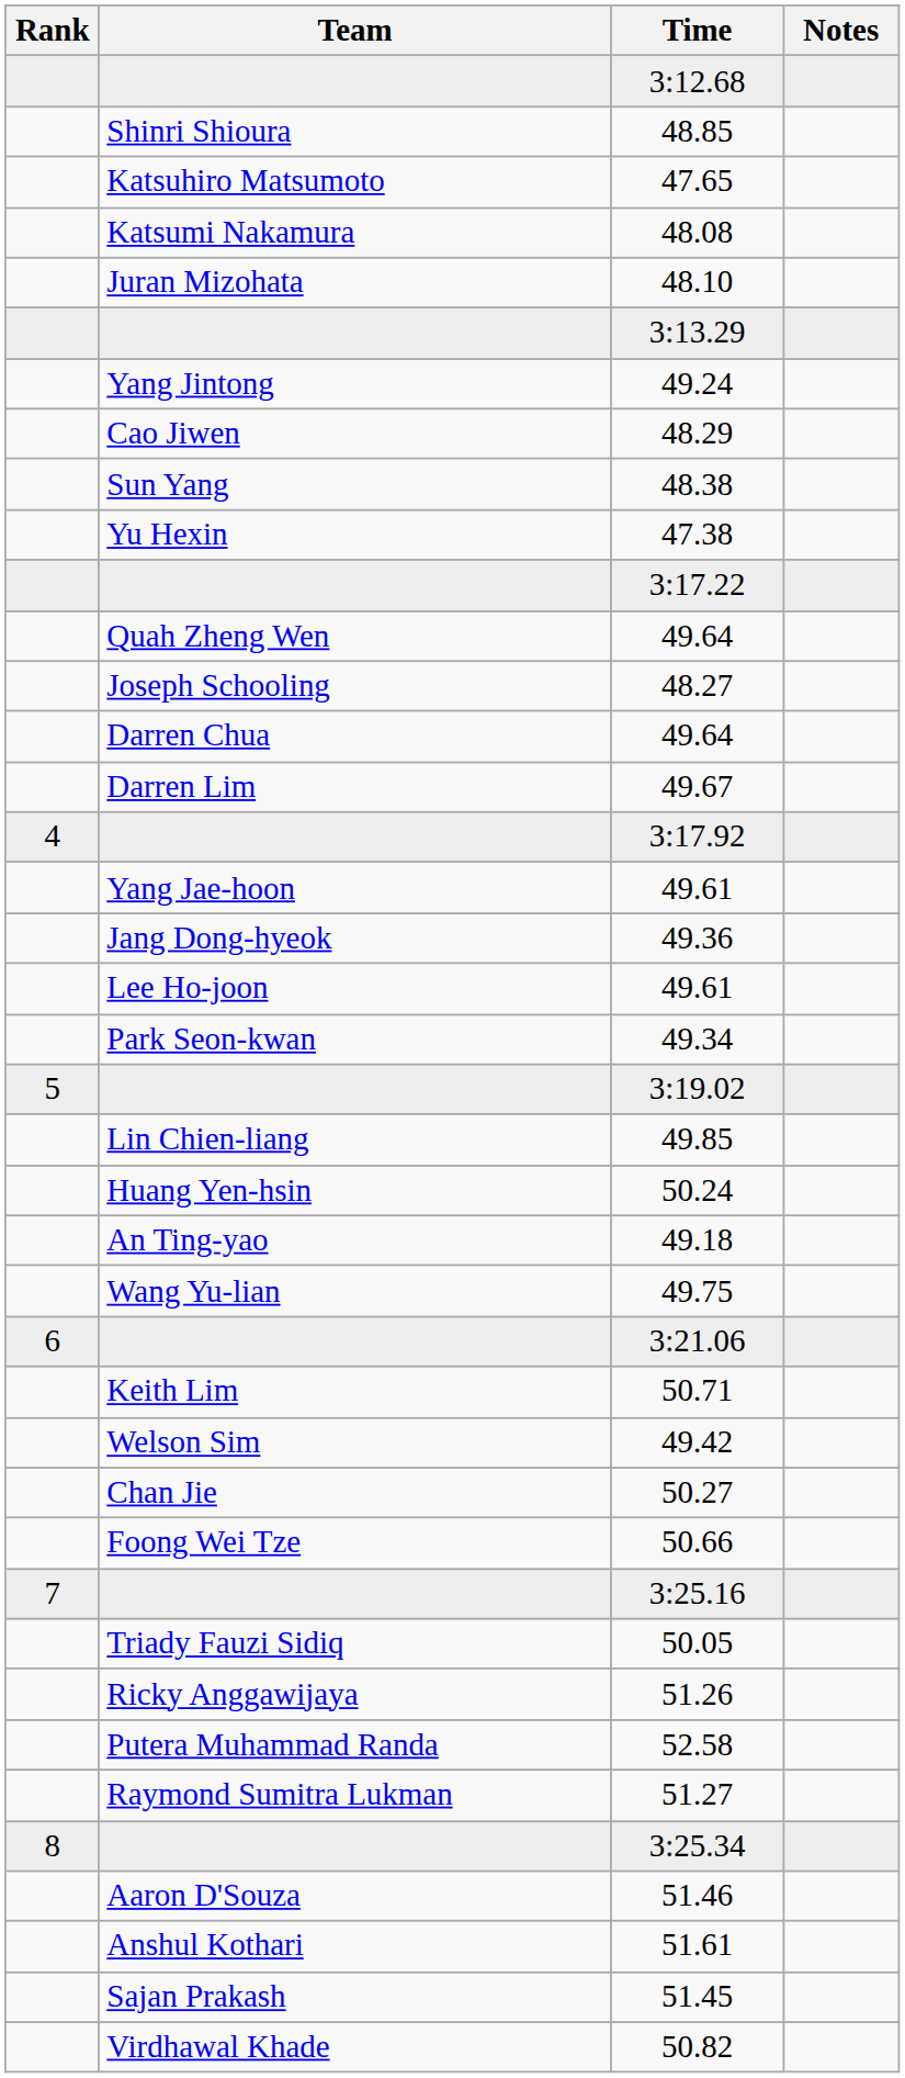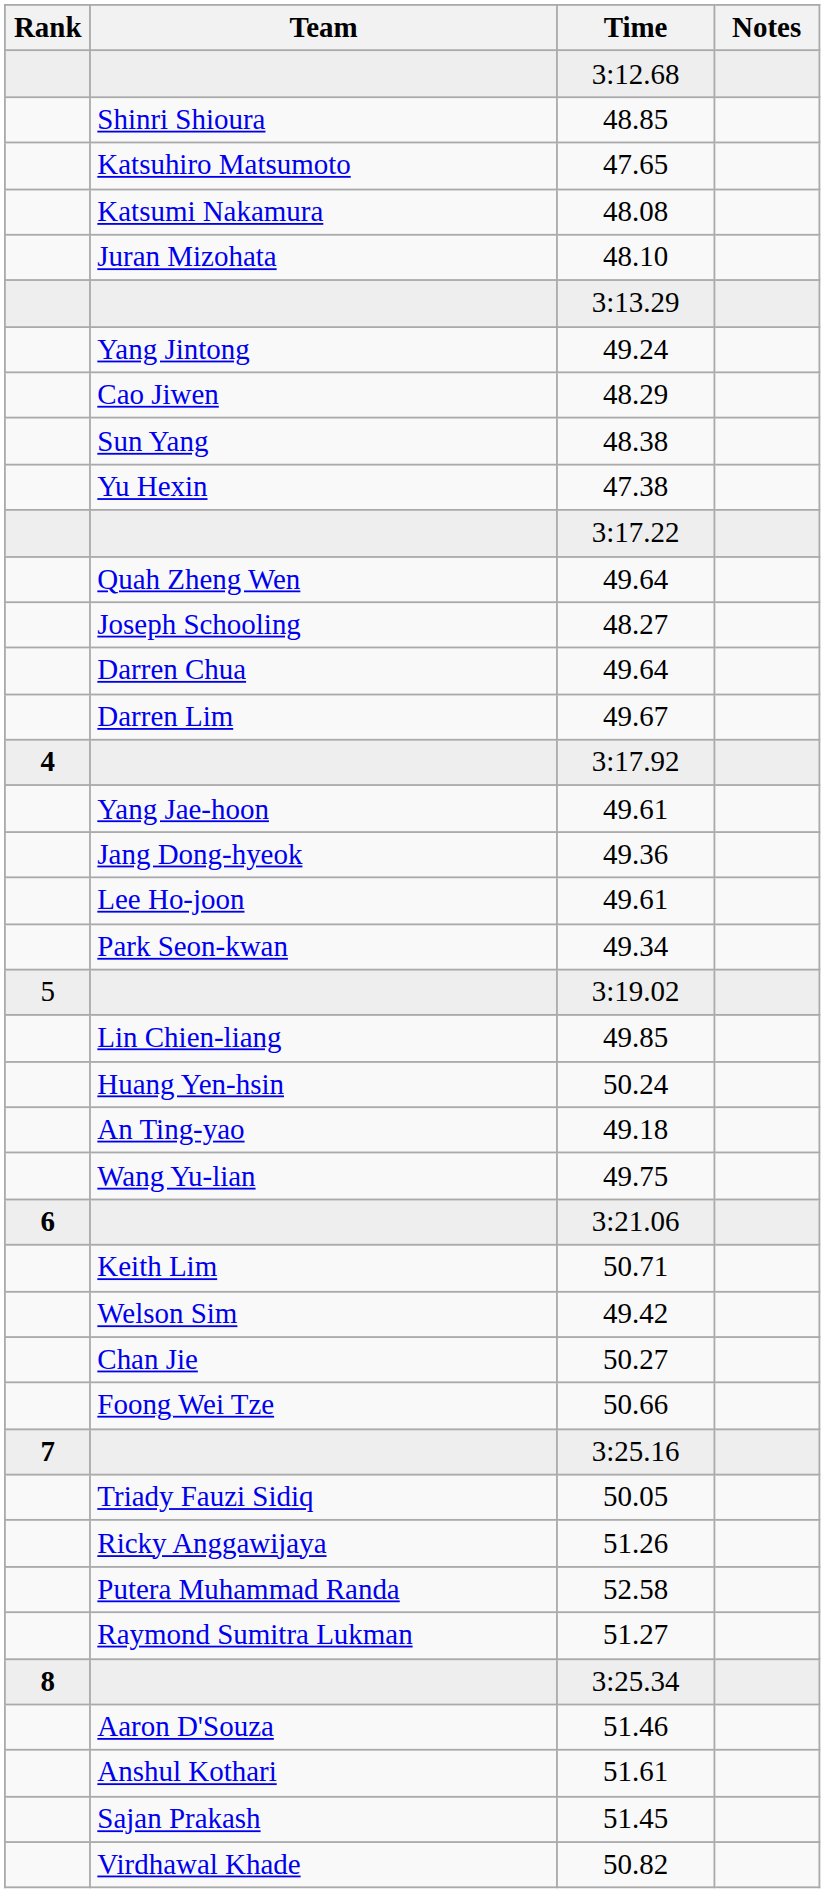 <table class="wikitable" style="text-align:center">
 <tr>
 <th width=40>Rank</th>
 <th width=250>Team</th>
 <th width=80>Time</th>
 <th width=50>Notes</th>
 </tr>
 <tr bgcolor=eeeeee>
 <td></td>
 <td align=left></td>
 <td>3:12.68</td>
 <td></td>
 </tr>
 <tr>
 <td></td>
 <td align=left><a href='#'>Shinri Shioura</a></td>
 <td>48.85</td>
 <td></td>
 </tr>
 <tr>
 <td></td>
 <td align=left><a href='#'>Katsuhiro Matsumoto</a></td>
 <td>47.65</td>
 <td></td>
 </tr>
 <tr>
 <td></td>
 <td align=left><a href='#'>Katsumi Nakamura</a></td>
 <td>48.08</td>
 <td></td>
 </tr>
 <tr>
 <td></td>
 <td align=left><a href='#'>Juran Mizohata</a></td>
 <td>48.10</td>
 <td></td>
 </tr>
 <tr bgcolor=eeeeee>
 <td></td>
 <td align=left></td>
 <td>3:13.29</td>
 <td></td>
 </tr>
 <tr>
 <td></td>
 <td align=left><a href='#'>Yang Jintong</a></td>
 <td>49.24</td>
 <td></td>
 </tr>
 <tr>
 <td></td>
 <td align=left><a href='#'>Cao Jiwen</a></td>
 <td>48.29</td>
 <td></td>
 </tr>
 <tr>
 <td></td>
 <td align=left><a href='#'>Sun Yang</a></td>
 <td>48.38</td>
 <td></td>
 </tr>
 <tr>
 <td></td>
 <td align=left><a href='#'>Yu Hexin</a></td>
 <td>47.38</td>
 <td></td>
 </tr>
 <tr bgcolor=eeeeee>
 <td></td>
 <td align=left></td>
 <td>3:17.22</td>
 <td></td>
 </tr>
 <tr>
 <td></td>
 <td align=left><a href='#'>Quah Zheng Wen</a></td>
 <td>49.64</td>
 <td></td>
 </tr>
 <tr>
 <td></td>
 <td align=left><a href='#'>Joseph Schooling</a></td>
 <td>48.27</td>
 <td></td>
 </tr>
 <tr>
 <td></td>
 <td align=left><a href='#'>Darren Chua</a></td>
 <td>49.64</td>
 <td></td>
 </tr>
 <tr>
 <td></td>
 <td align=left><a href='#'>Darren Lim</a></td>
 <td>49.67</td>
 <td></td>
 </tr>
 <tr bgcolor=eeeeee>
-<td>4</td>
+<td><strong>4</strong></td>
 <td align=left></td>
 <td>3:17.92</td>
 <td></td>
 </tr>
 <tr>
 <td></td>
 <td align=left><a href='#'>Yang Jae-hoon</a></td>
 <td>49.61</td>
 <td></td>
 </tr>
 <tr>
 <td></td>
 <td align=left><a href='#'>Jang Dong-hyeok</a></td>
 <td>49.36</td>
 <td></td>
 </tr>
 <tr>
 <td></td>
 <td align=left><a href='#'>Lee Ho-joon</a></td>
 <td>49.61</td>
 <td></td>
 </tr>
 <tr>
 <td></td>
 <td align=left><a href='#'>Park Seon-kwan</a></td>
 <td>49.34</td>
 <td></td>
 </tr>
 <tr bgcolor=eeeeee>
 <td>5</td>
 <td align=left></td>
 <td>3:19.02</td>
 <td></td>
 </tr>
 <tr>
 <td></td>
 <td align=left><a href='#'>Lin Chien-liang</a></td>
 <td>49.85</td>
 <td></td>
 </tr>
 <tr>
 <td></td>
 <td align=left><a href='#'>Huang Yen-hsin</a></td>
 <td>50.24</td>
 <td></td>
 </tr>
 <tr>
 <td></td>
 <td align=left><a href='#'>An Ting-yao</a></td>
 <td>49.18</td>
 <td></td>
 </tr>
 <tr>
 <td></td>
 <td align=left><a href='#'>Wang Yu-lian</a></td>
 <td>49.75</td>
 <td></td>
 </tr>
 <tr bgcolor=eeeeee>
-<td>6</td>
+<td><strong>6</strong></td>
 <td align=left></td>
 <td>3:21.06</td>
 <td></td>
 </tr>
 <tr>
 <td></td>
 <td align=left><a href='#'>Keith Lim</a></td>
 <td>50.71</td>
 <td></td>
 </tr>
 <tr>
 <td></td>
 <td align=left><a href='#'>Welson Sim</a></td>
 <td>49.42</td>
 <td></td>
 </tr>
 <tr>
 <td></td>
 <td align=left><a href='#'>Chan Jie</a></td>
 <td>50.27</td>
 <td></td>
 </tr>
 <tr>
 <td></td>
 <td align=left><a href='#'>Foong Wei Tze</a></td>
 <td>50.66</td>
 <td></td>
 </tr>
 <tr bgcolor=eeeeee>
-<td>7</td>
+<td><strong>7</strong></td>
 <td align=left></td>
 <td>3:25.16</td>
 <td></td>
 </tr>
 <tr>
 <td></td>
 <td align=left><a href='#'>Triady Fauzi Sidiq</a></td>
 <td>50.05</td>
 <td></td>
 </tr>
 <tr>
 <td></td>
 <td align=left><a href='#'>Ricky Anggawijaya</a></td>
 <td>51.26</td>
 <td></td>
 </tr>
 <tr>
 <td></td>
 <td align=left><a href='#'>Putera Muhammad Randa</a></td>
 <td>52.58</td>
 <td></td>
 </tr>
 <tr>
 <td></td>
 <td align=left><a href='#'>Raymond Sumitra Lukman</a></td>
 <td>51.27</td>
 <td></td>
 </tr>
 <tr bgcolor=eeeeee>
-<td>8</td>
+<td><strong>8</strong></td>
 <td align=left></td>
 <td>3:25.34</td>
 <td></td>
 </tr>
 <tr>
 <td></td>
 <td align=left><a href='#'>Aaron D'Souza</a></td>
 <td>51.46</td>
 <td></td>
 </tr>
 <tr>
 <td></td>
 <td align=left><a href='#'>Anshul Kothari</a></td>
 <td>51.61</td>
 <td></td>
 </tr>
 <tr>
 <td></td>
 <td align=left><a href='#'>Sajan Prakash</a></td>
 <td>51.45</td>
 <td></td>
 </tr>
 <tr>
 <td></td>
 <td align=left><a href='#'>Virdhawal Khade</a></td>
 <td>50.82</td>
 <td></td>
 </tr>
 </table>
